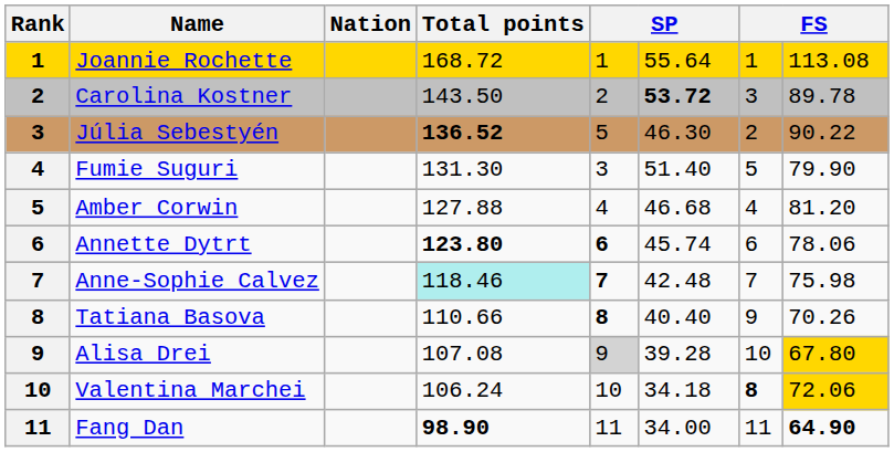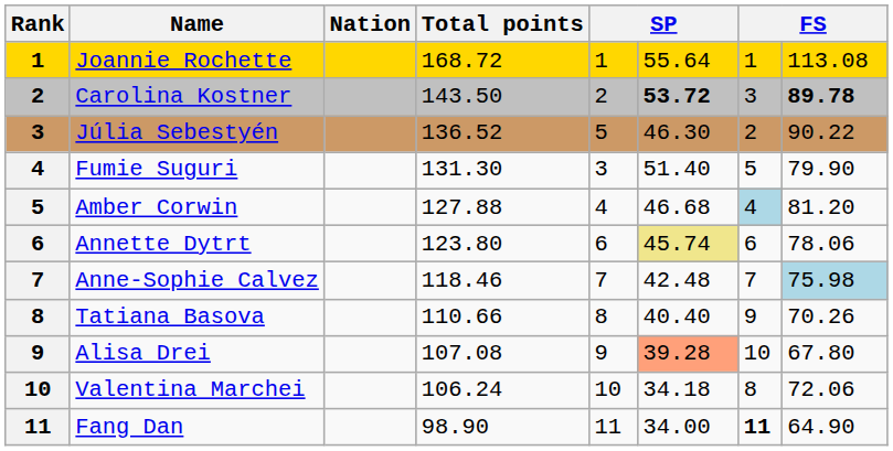 <table class="wikitable">
 <tr>
 <th>Rank</th>
 <th>Name</th>
 <th>Nation</th>
 <th>Total points</th>
 <th colspan="2" width="80px"><a href='#'>SP</a></th>
 <th colspan="2" width="80px"><a href='#'>FS</a></th>
 </tr>
 <tr bgcolor="gold">
 <td align="center"><strong>1</strong></td>
 <td><a href='#'>Joannie Rochette</a></td>
 <td></td>
 <td>168.72</td>
 <td>1</td>
 <td>55.64</td>
 <td>1</td>
 <td>113.08</td>
 </tr>
 <tr bgcolor="silver">
 <td align="center"><strong>2</strong></td>
 <td><a href='#'>Carolina Kostner</a></td>
 <td></td>
 <td>143.50</td>
 <td>2</td>
 <td><strong>53.72</strong></td>
 <td>3</td>
-<td>89.78</td>
+<td><strong>89.78</strong></td>
 </tr>
 <tr bgcolor="cc9966">
 <td align="center"><strong>3</strong></td>
 <td><a href='#'>Júlia Sebestyén</a></td>
 <td></td>
-<td><strong>136.52</strong></td>
+<td>136.52</td>
 <td>5</td>
 <td>46.30</td>
 <td>2</td>
 <td>90.22</td>
 </tr>
 <tr>
 <th>4</th>
 <td><a href='#'>Fumie Suguri</a></td>
 <td></td>
 <td>131.30</td>
 <td>3</td>
 <td>51.40</td>
 <td>5</td>
 <td>79.90</td>
 </tr>
 <tr>
 <th>5</th>
 <td><a href='#'>Amber Corwin</a></td>
 <td></td>
 <td>127.88</td>
 <td>4</td>
 <td>46.68</td>
-<td>4</td>
+<td style="background: lightblue;">4</td>
 <td>81.20</td>
 </tr>
 <tr>
 <th>6</th>
 <td><a href='#'>Annette Dytrt</a></td>
 <td></td>
-<td><strong>123.80</strong></td>
-<td><strong>6</strong></td>
-<td>45.74</td>
+<td>123.80</td>
+<td>6</td>
+<td style="background: khaki;">45.74</td>
 <td>6</td>
 <td>78.06</td>
 </tr>
 <tr>
 <th>7</th>
 <td><a href='#'>Anne-Sophie Calvez</a></td>
 <td></td>
-<td style="background: paleturquoise;">118.46</td>
-<td><strong>7</strong></td>
+<td>118.46</td>
+<td>7</td>
 <td>42.48</td>
 <td>7</td>
-<td>75.98</td>
+<td style="background: lightblue;">75.98</td>
 </tr>
 <tr>
 <th>8</th>
 <td><a href='#'>Tatiana Basova</a></td>
 <td></td>
 <td>110.66</td>
-<td><strong>8</strong></td>
+<td>8</td>
 <td>40.40</td>
 <td>9</td>
 <td>70.26</td>
 </tr>
 <tr>
 <th>9</th>
 <td><a href='#'>Alisa Drei</a></td>
 <td></td>
 <td>107.08</td>
-<td style="background: lightgrey;">9</td>
-<td>39.28</td>
+<td>9</td>
+<td style="background: lightsalmon;">39.28</td>
 <td>10</td>
-<td style="background: gold;">67.80</td>
+<td>67.80</td>
 </tr>
 <tr>
 <th>10</th>
 <td><a href='#'>Valentina Marchei</a></td>
 <td></td>
 <td>106.24</td>
 <td>10</td>
 <td>34.18</td>
-<td><strong>8</strong></td>
-<td style="background: gold;">72.06</td>
+<td>8</td>
+<td>72.06</td>
 </tr>
 <tr>
 <th>11</th>
 <td><a href='#'>Fang Dan</a></td>
 <td></td>
-<td><strong>98.90</strong></td>
+<td>98.90</td>
 <td>11</td>
 <td>34.00</td>
-<td>11</td>
-<td><strong>64.90</strong></td>
+<td><strong>11</strong></td>
+<td>64.90</td>
 </tr>
 </table>
